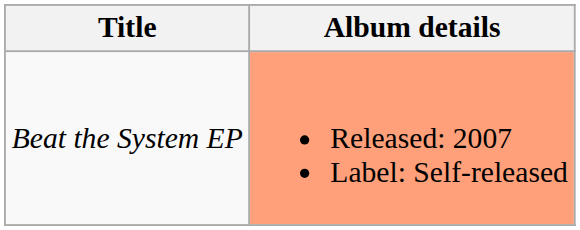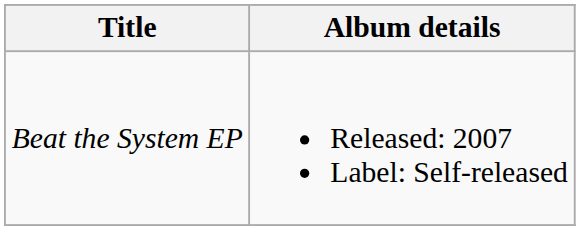 <table class="wikitable">
 <tr>
 <th>Title</th>
 <th>Album details</th>
 </tr>
 <tr>
 <td><em>Beat the System EP</em></td>
-<td style="background: lightsalmon;"><br><ul><li>Released: 2007</li><li>Label: Self-released</li></ul></td>
+<td><br><ul><li>Released: 2007</li><li>Label: Self-released</li></ul></td>
 </tr>
 </table>
